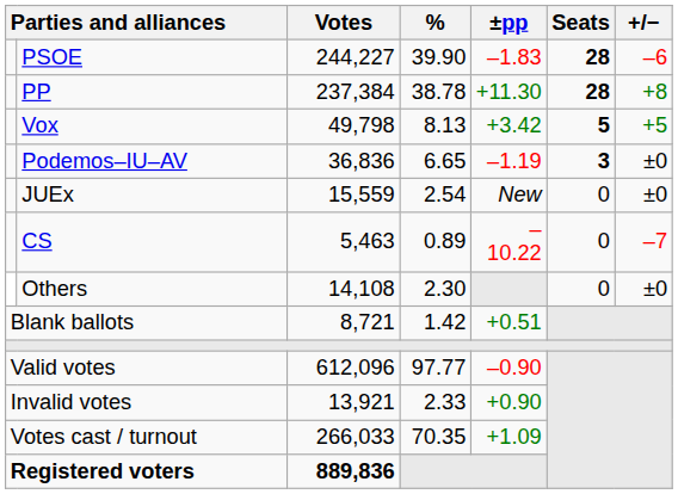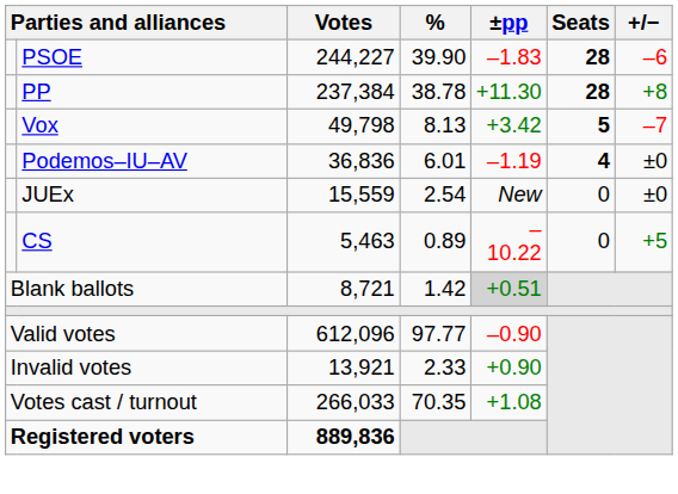 <table class="wikitable" style="text-align:right;">
 <tr>
 <th style="text-align:left;" colspan="2" width="200">Parties and alliances</th>
 <th width="75">Votes</th>
 <th width="45">%</th>
 <th width="45">±<a href='#'>pp</a></th>
 <th width="35">Seats</th>
 <th width="35">+/−</th>
 </tr>
 <tr>
 <td width="1" style="color:inherit;background:"></td>
 <td align="left"><a href='#'>PSOE</a></td>
 <td>244,227</td>
 <td>39.90</td>
 <td style="color:red;">–1.83</td>
 <td><strong>28</strong></td>
 <td style="color:red;">–6</td>
 </tr>
 <tr>
 <td style="color:inherit;background:"></td>
 <td align="left"><a href='#'>PP</a></td>
 <td>237,384</td>
 <td>38.78</td>
 <td style="color:green;">+11.30</td>
 <td><strong>28</strong></td>
 <td style="color:green;">+8</td>
 </tr>
 <tr>
 <td style="color:inherit;background:"></td>
 <td align="left"><a href='#'>Vox</a></td>
 <td>49,798</td>
 <td>8.13</td>
 <td style="color:green;">+3.42</td>
 <td><strong>5</strong></td>
-<td style="color:green;">+5</td>
+<td style="color:red;">–7</td>
 </tr>
 <tr>
 <td style="color:inherit;background:"></td>
 <td align="left"><a href='#'>Podemos–IU–AV</a></td>
 <td>36,836</td>
-<td>6.65</td>
+<td>6.01</td>
 <td style="color:red;">–1.19</td>
-<td><strong>3</strong></td>
+<td><strong>4</strong></td>
 <td>±0</td>
 </tr>
 <tr>
 <td style="color:inherit;background:"></td>
 <td align="left">JUEx</td>
 <td>15,559</td>
 <td>2.54</td>
 <td><em>New</em></td>
 <td>0</td>
 <td>±0</td>
 </tr>
 <tr>
 <td style="color:inherit;background:"></td>
 <td align="left"><a href='#'>CS</a></td>
 <td>5,463</td>
 <td>0.89</td>
 <td style="color:red;">–10.22</td>
 <td>0</td>
-<td style="color:red;">–7</td>
-</tr>
-<tr>
-<td bgcolor="white"></td>
-<td align="left">Others</td>
-<td>14,108</td>
-<td>2.30</td>
-<td bgcolor="#E9E9E9"></td>
-<td>0</td>
-<td>±0</td>
+<td style="color:green;">+5</td>
 </tr>
 <tr>
 <td align="left" colspan="2">Blank ballots</td>
 <td>8,721</td>
 <td>1.42</td>
-<td style="color:green;">+0.51</td>
+<td style="background: lightgrey; color:green;">+0.51</td>
 <td bgcolor="#E9E9E9" colspan="2"></td>
 </tr>
 <tr>
 <td colspan="7" bgcolor="#E9E9E9"></td>
 </tr>
 <tr>
 <td align="left" colspan="2">Valid votes</td>
 <td>612,096</td>
 <td>97.77</td>
 <td style="color:red;">–0.90</td>
 <td bgcolor="#E9E9E9" colspan="2" rowspan="4"></td>
 </tr>
 <tr>
 <td align="left" colspan="2">Invalid votes</td>
 <td>13,921</td>
 <td>2.33</td>
 <td style="color:green;">+0.90</td>
 </tr>
 <tr>
 <td align="left" colspan="2">Votes cast / turnout</td>
 <td>266,033</td>
 <td>70.35</td>
-<td style="color:green;">+1.09</td>
+<td style="color:green;">+1.08</td>
 </tr>
 <tr style="font-weight:bold;">
 <td align="left" colspan="2">Registered voters</td>
 <td>889,836</td>
 <td bgcolor="#E9E9E9" colspan="2"></td>
 </tr>
 </table>
